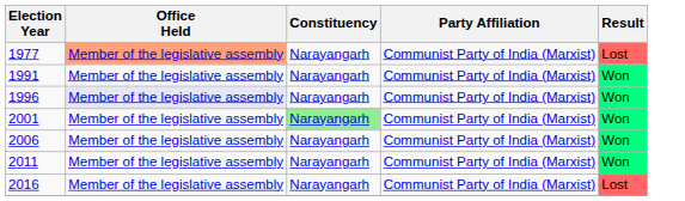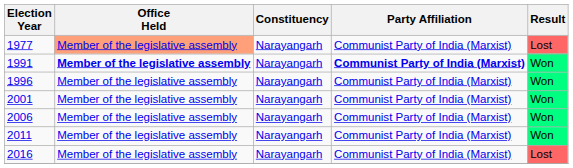 <table class="wikitable">
 <tr>
 <th>Election<br>Year</th>
 <th>Office<br>Held</th>
 <th>Constituency</th>
 <th>Party Affiliation</th>
 <th>Result</th>
 </tr>
 <tr>
 <td><a href='#'>1977</a></td>
 <td style="background: lightsalmon;"><a href='#'>Member of the legislative assembly</a></td>
 <td><a href='#'>Narayangarh</a></td>
 <td><a href='#'>Communist Party of India (Marxist)</a></td>
 <td style="background:#FF6666">Lost</td>
 </tr>
 <tr>
 <td><a href='#'>1991</a></td>
-<td><a href='#'>Member of the legislative assembly</a></td>
+<td><strong><a href='#'>Member of the legislative assembly</a></strong></td>
 <td><a href='#'>Narayangarh</a></td>
-<td><a href='#'>Communist Party of India (Marxist)</a></td>
+<td><strong><a href='#'>Communist Party of India (Marxist)</a></strong></td>
 <td style="background:#00FF80">Won</td>
 </tr>
 <tr>
 <td><a href='#'>1996</a></td>
-<td style="background: lavender;"><a href='#'>Member of the legislative assembly</a></td>
+<td><a href='#'>Member of the legislative assembly</a></td>
 <td><a href='#'>Narayangarh</a></td>
 <td><a href='#'>Communist Party of India (Marxist)</a></td>
 <td style="background:#00FF80">Won</td>
 </tr>
 <tr>
 <td><a href='#'>2001</a></td>
 <td><a href='#'>Member of the legislative assembly</a></td>
-<td style="background: lightgreen;"><a href='#'>Narayangarh</a></td>
+<td><a href='#'>Narayangarh</a></td>
 <td><a href='#'>Communist Party of India (Marxist)</a></td>
 <td style="background:#00FF80">Won</td>
 </tr>
 <tr>
 <td><a href='#'>2006</a></td>
 <td><a href='#'>Member of the legislative assembly</a></td>
 <td><a href='#'>Narayangarh</a></td>
 <td><a href='#'>Communist Party of India (Marxist)</a></td>
 <td style="background:#00FF80">Won</td>
 </tr>
 <tr>
 <td><a href='#'>2011</a></td>
 <td><a href='#'>Member of the legislative assembly</a></td>
 <td><a href='#'>Narayangarh</a></td>
 <td><a href='#'>Communist Party of India (Marxist)</a></td>
 <td style="background:#00FF80">Won</td>
 </tr>
 <tr>
 <td><a href='#'>2016</a></td>
 <td><a href='#'>Member of the legislative assembly</a></td>
 <td><a href='#'>Narayangarh</a></td>
 <td><a href='#'>Communist Party of India (Marxist)</a></td>
 <td style="background:#FF6666">Lost</td>
 </tr>
 <tr>
 </tr>
 </table>
